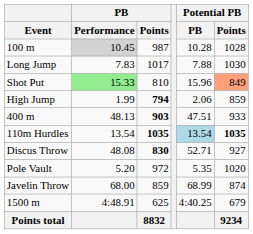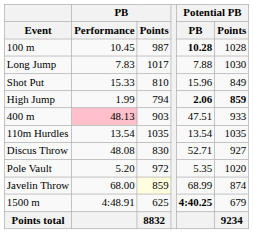 <table class="wikitable" style="text-align:right;">
 <tr>
 <th></th>
 <th style="text-align:center;" colspan="2">PB</th>
 <th rowspan = 13></th>
 <th style="text-align:center;" colspan="2">Potential PB</th>
 </tr>
 <tr>
 <th align = left>Event</th>
 <th>Performance</th>
 <th>Points</th>
 <th>PB</th>
 <th>Points</th>
 </tr>
 <tr>
 <td align = left>100 m</td>
-<td style="background: lightgrey;">10.45</td>
+<td>10.45</td>
 <td>987</td>
-<td>10.28</td>
+<td><strong>10.28</strong></td>
 <td>1028</td>
 </tr>
 <tr>
 <td align = left>Long Jump</td>
 <td>7.83</td>
 <td>1017</td>
 <td>7.88</td>
 <td>1030</td>
 </tr>
 <tr>
 <td align = left>Shot Put</td>
-<td style="background: lightgreen;">15.33</td>
+<td>15.33</td>
 <td>810</td>
 <td>15.96</td>
-<td style="background: lightsalmon;">849</td>
+<td>849</td>
 </tr>
 <tr>
 <td align = left>High Jump</td>
 <td>1.99</td>
-<td><strong>794</strong></td>
-<td>2.06</td>
-<td>859</td>
+<td>794</td>
+<td><strong>2.06</strong></td>
+<td><strong>859</strong></td>
 </tr>
 <tr>
 <td align = left>400 m</td>
-<td>48.13</td>
-<td><strong>903</strong></td>
+<td style="background: pink;">48.13</td>
+<td>903</td>
 <td>47.51</td>
 <td>933</td>
 </tr>
 <tr>
 <td align = left>110m Hurdles</td>
 <td>13.54</td>
-<td><strong>1035</strong></td>
-<td style="background: lightblue;">13.54</td>
-<td><strong>1035</strong></td>
+<td>1035</td>
+<td>13.54</td>
+<td>1035</td>
 </tr>
 <tr>
 <td align = left>Discus Throw</td>
 <td>48.08</td>
-<td><strong>830</strong></td>
+<td>830</td>
 <td>52.71</td>
 <td>927</td>
 </tr>
 <tr>
 <td align = left>Pole Vault</td>
 <td>5.20</td>
 <td>972</td>
 <td>5.35</td>
 <td>1020</td>
 </tr>
 <tr>
 <td align = left>Javelin Throw</td>
 <td>68.00</td>
-<td>859</td>
+<td style="background: lightyellow;">859</td>
 <td>68.99</td>
 <td>874</td>
 </tr>
 <tr>
 <td align = left>1500 m</td>
 <td>4:48.91</td>
 <td>625</td>
-<td>4:40.25</td>
+<td><strong>4:40.25</strong></td>
 <td>679</td>
 </tr>
 <tr>
 <th align = left>Points total</th>
 <th></th>
 <th>8832</th>
 <th></th>
 <th>9234</th>
 </tr>
 </table>
